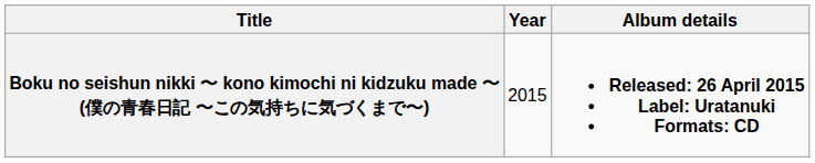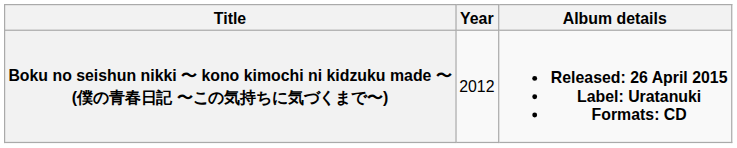 <table class="wikitable" style="font-size:small; text-align:center">
 <tr>
 <th>Title</th>
 <th>Year</th>
 <th>Album details</th>
 </tr>
 <tr>
 <th>Boku no seishun nikki 〜 kono kimochi ni kidzuku made 〜<br>(僕の青春日記 〜この気持ちに気づくまで〜)</th>
-<td>2015</td>
+<td>2012</td>
 <td><strong><br><ul><li>Released: 26 April 2015</li><li>Label: Uratanuki</li><li>Formats: CD</li></ul></strong></td>
 </tr>
 </table>
